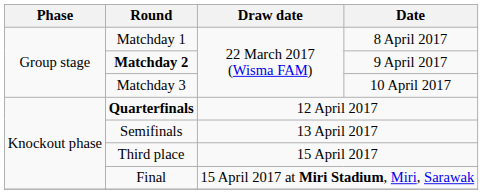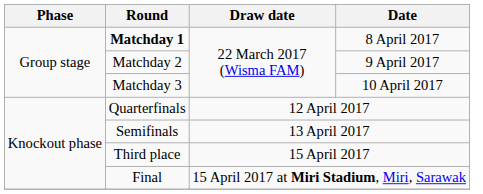 <table class="wikitable" style="text-align:center">
 <tr>
 <th>Phase</th>
 <th>Round</th>
 <th>Draw date</th>
 <th>Date</th>
 </tr>
 <tr>
 <td rowspan=3>Group stage</td>
-<td>Matchday 1</td>
+<td><strong>Matchday 1</strong></td>
 <td rowspan=3>22 March 2017<br>(<a href='#'>Wisma FAM</a>)</td>
 <td colspan=2>8 April 2017</td>
 </tr>
 <tr>
-<td><strong>Matchday 2</strong></td>
+<td>Matchday 2</td>
 <td colspan=2>9 April 2017</td>
 </tr>
 <tr>
 <td>Matchday 3</td>
 <td colspan=2>10 April 2017</td>
 </tr>
 <tr>
 <td rowspan=4>Knockout phase</td>
-<td><strong>Quarterfinals</strong></td>
+<td>Quarterfinals</td>
 <td colspan=2>12 April 2017</td>
 </tr>
 <tr>
 <td>Semifinals</td>
 <td colspan=2>13 April 2017</td>
 </tr>
 <tr>
 <td>Third place</td>
 <td colspan=4>15 April 2017</td>
 </tr>
 <tr>
 <td>Final</td>
 <td colspan=4>15 April 2017 at <strong>Miri Stadium</strong>, <a href='#'>Miri</a>, <a href='#'>Sarawak</a></td>
 </tr>
 <tr>
 </tr>
 </table>
